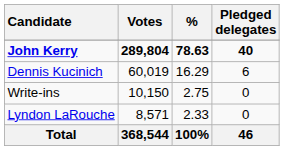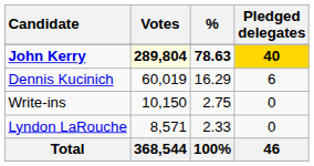 <table class="wikitable sortable plainrowheaders" style="text-align:right;">
 <tr>
 <th style="text-align:left;">Candidate</th>
 <th>Votes</th>
 <th>%</th>
 <th>Pledged<br>delegates</th>
 </tr>
 <tr>
 </tr>
 <tr>
 <td style="text-align:left;"><strong><a href='#'>John Kerry</a></strong></td>
-<td><strong>289,804</strong></td>
+<td style="background: lightyellow;"><strong>289,804</strong></td>
 <td><strong>78.63</strong></td>
-<td style="text-align:center;"><strong>40</strong></td>
+<td style="background: gold; text-align:center;"><strong>40</strong></td>
 </tr>
 <tr>
 <td style="text-align:left;"><a href='#'>Dennis Kucinich</a></td>
 <td>60,019</td>
 <td>16.29</td>
 <td style="text-align:center;">6</td>
 </tr>
 <tr>
 <td style="text-align:left;">Write-ins</td>
 <td>10,150</td>
 <td>2.75</td>
 <td style="text-align:center;">0</td>
 </tr>
 <tr>
 <td style="text-align:left;"><a href='#'>Lyndon LaRouche</a></td>
 <td>8,571</td>
 <td>2.33</td>
 <td style="text-align:center;">0</td>
 </tr>
 <tr class="sortbottom">
 <th>Total</th>
 <th>368,544</th>
 <th>100%</th>
 <th>46</th>
 </tr>
 </table>
